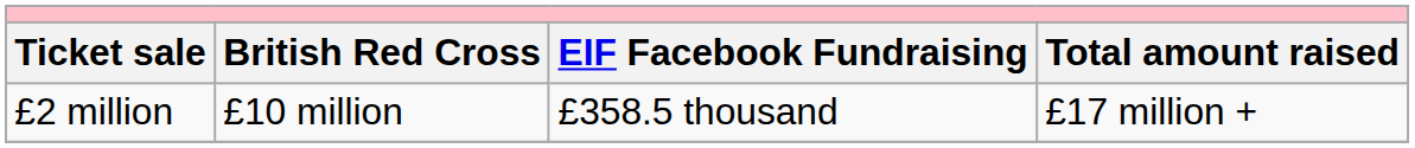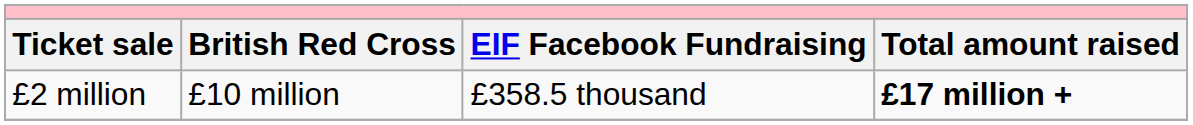 <table class="wikitable">
 <tr>
 <td colspan=5 style="background:pink;"></td>
 </tr>
 <tr>
 <th>Ticket sale</th>
 <th>British Red Cross</th>
 <th><a href='#'>EIF</a> Facebook Fundraising</th>
 <th>Total amount raised</th>
 </tr>
 <tr>
 <td>£2 million</td>
 <td>£10 million</td>
 <td>£358.5 thousand</td>
-<td>£17 million +</td>
+<td><strong>£17 million +</strong></td>
 </tr>
 <tr>
 </tr>
 </table>
